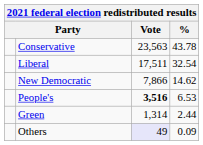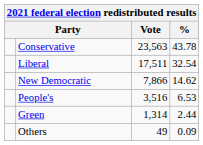 <table class="wikitable">
 <tr>
 <th colspan="4"><a href='#'>2021 federal election</a> redistributed results</th>
 </tr>
 <tr>
 <th bgcolor="#DDDDFF" width="130px" colspan="2">Party</th>
 <th bgcolor="#DDDDFF" width="50px">Vote</th>
 <th bgcolor="#DDDDFF" width="30px">%</th>
 </tr>
 <tr>
 <td> </td>
 <td><a href='#'>Conservative</a></td>
 <td align=right>23,563</td>
 <td align=right>43.78</td>
 </tr>
 <tr>
 <td> </td>
 <td><a href='#'>Liberal</a></td>
 <td align=right>17,511</td>
 <td align=right>32.54</td>
 </tr>
 <tr>
 <td> </td>
 <td><a href='#'>New Democratic</a></td>
 <td align=right>7,866</td>
 <td align=right>14.62</td>
 </tr>
 <tr>
 <td> </td>
 <td><a href='#'>People's</a></td>
-<td align=right><strong>3,516</strong></td>
+<td align=right>3,516</td>
 <td align=right>6.53</td>
 </tr>
 <tr>
 <td> </td>
 <td><a href='#'>Green</a></td>
 <td align=right>1,314</td>
 <td align=right>2.44</td>
 </tr>
 <tr>
 <td> </td>
 <td>Others</td>
-<td align=right style="background: lavender;">49</td>
+<td align=right>49</td>
 <td align=right>0.09</td>
 </tr>
 </table>
